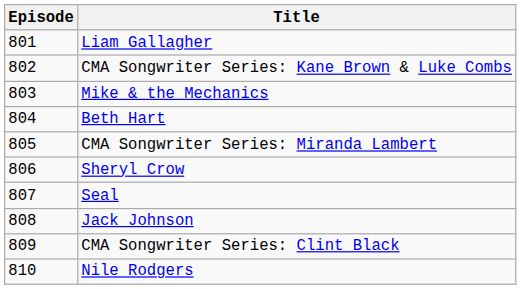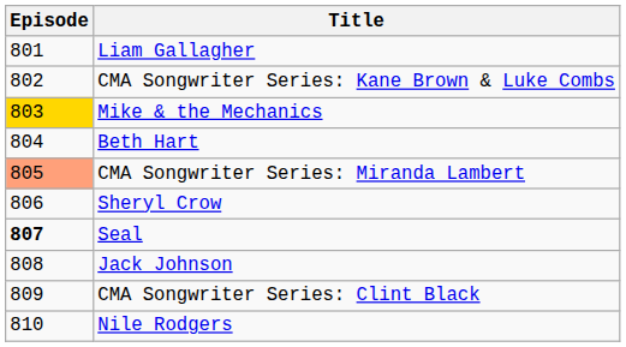 <table class="wikitable">
 <tr>
 <th>Episode</th>
 <th>Title</th>
 </tr>
 <tr>
 <td>801</td>
 <td><a href='#'>Liam Gallagher</a></td>
 </tr>
 <tr>
 <td>802</td>
 <td>CMA Songwriter Series: <a href='#'>Kane Brown</a> & <a href='#'>Luke Combs</a></td>
 </tr>
 <tr>
-<td>803</td>
+<td style="background: gold;">803</td>
 <td><a href='#'>Mike & the Mechanics</a></td>
 </tr>
 <tr>
 <td>804</td>
 <td><a href='#'>Beth Hart</a></td>
 </tr>
 <tr>
-<td>805</td>
+<td style="background: lightsalmon;">805</td>
 <td>CMA Songwriter Series: <a href='#'>Miranda Lambert</a></td>
 </tr>
 <tr>
 <td>806</td>
 <td><a href='#'>Sheryl Crow</a></td>
 </tr>
 <tr>
-<td>807</td>
+<td><strong>807</strong></td>
 <td><a href='#'>Seal</a></td>
 </tr>
 <tr>
 <td>808</td>
 <td><a href='#'>Jack Johnson</a></td>
 </tr>
 <tr>
 <td>809</td>
 <td>CMA Songwriter Series: <a href='#'>Clint Black</a></td>
 </tr>
 <tr>
 <td>810</td>
 <td><a href='#'>Nile Rodgers</a></td>
 </tr>
 </table>
